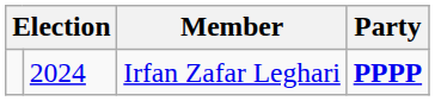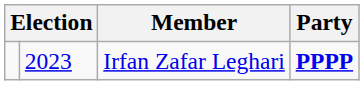 <table class="wikitable">
 <tr>
 <th colspan="2">Election</th>
 <th>Member</th>
 <th>Party</th>
 </tr>
 <tr>
 <td style="background-color: "></td>
-<td><a href='#'>2024</a></td>
+<td><a href='#'>2023</a></td>
 <td><a href='#'>Irfan Zafar Leghari</a></td>
 <td><strong><a href='#'>PPPP</a></strong></td>
 </tr>
 </table>
